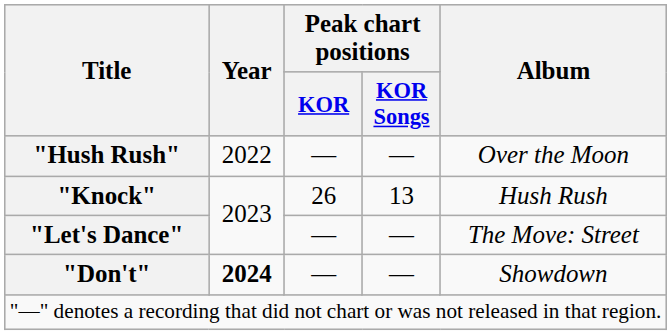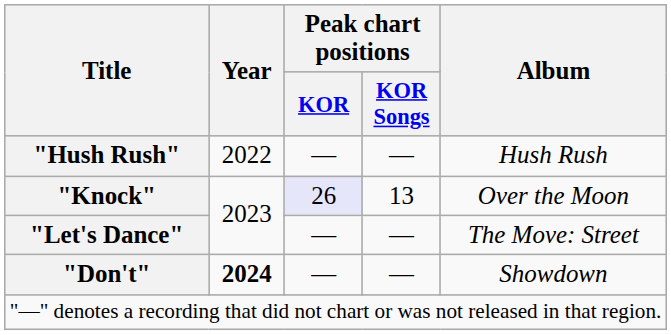 <table class="wikitable plainrowheaders" style="text-align:center">
 <tr>
 <th scope="col" rowspan="2">Title</th>
 <th scope="col" rowspan="2">Year</th>
 <th scope="col" colspan="2">Peak chart<br>positions</th>
 <th scope="col" rowspan="2">Album</th>
 </tr>
 <tr>
 <th scope="col" style="font-size:90%; width:3em"><a href='#'>KOR</a><br></th>
 <th scope="col" style="font-size:90%; width:3em"><a href='#'>KOR<br>Songs</a><br></th>
 </tr>
 <tr>
 <th scope="row">"Hush Rush"</th>
 <td>2022</td>
 <td>—</td>
 <td>—</td>
-<td><em>Over the Moon</em></td>
+<td><em>Hush Rush</em></td>
 </tr>
 <tr>
 <th scope="row">"Knock"</th>
 <td rowspan="2">2023</td>
-<td>26</td>
+<td style="background: lavender;">26</td>
 <td>13</td>
-<td><em>Hush Rush</em></td>
+<td><em>Over the Moon</em></td>
 </tr>
 <tr>
 <th scope="row">"Let's Dance"</th>
 <td>—</td>
 <td>—</td>
 <td><em>The Move: Street</em></td>
 </tr>
 <tr>
 <th scope="row">"Don't"</th>
 <td><strong>2024</strong></td>
 <td>—</td>
 <td>—</td>
 <td><em>Showdown</em></td>
 </tr>
 <tr>
 <td colspan="5" style="font-size:85%">"—" denotes a recording that did not chart or was not released in that region.</td>
 </tr>
 </table>
